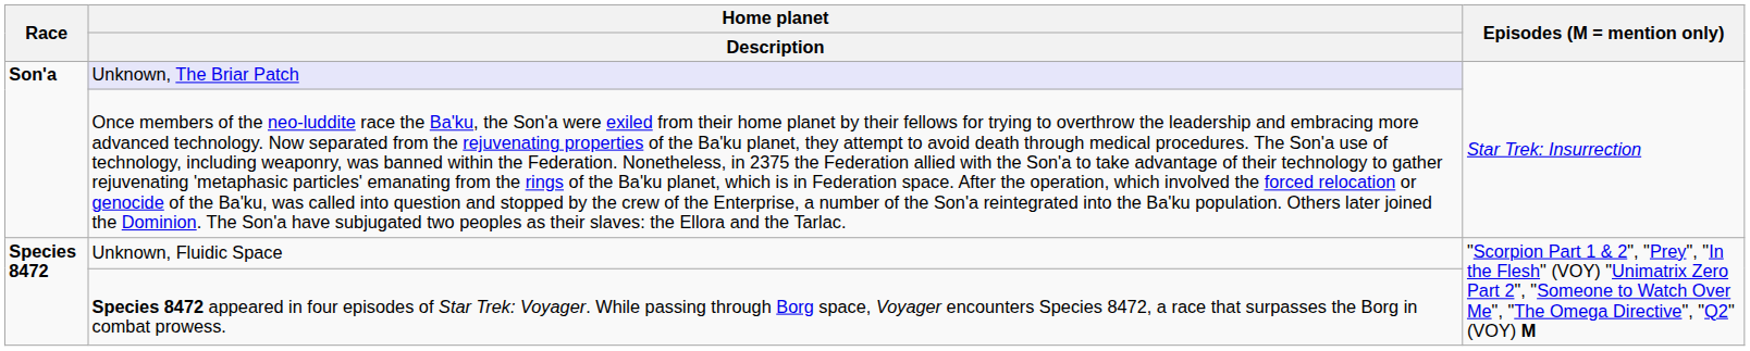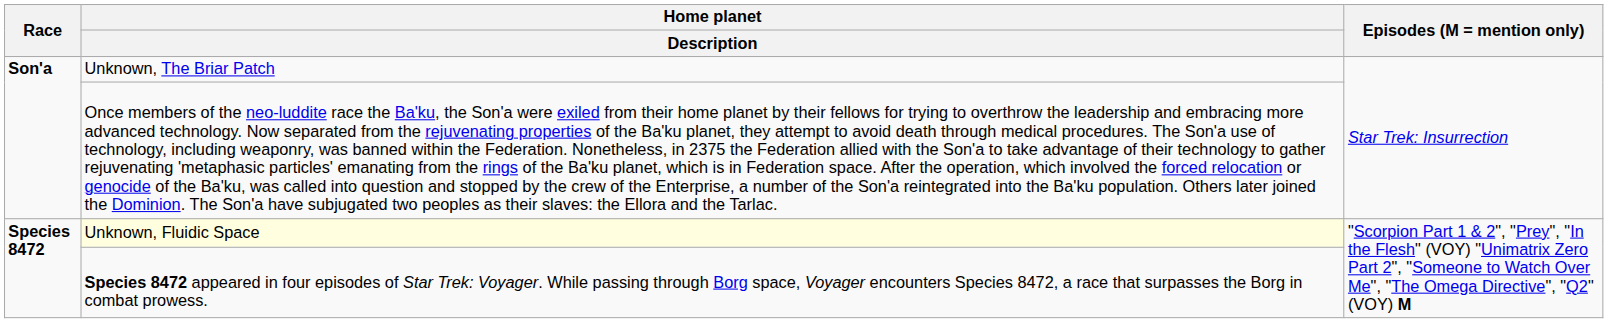 <table class="wikitable">
 <tr>
 <th rowspan="2">Race</th>
 <th>Home planet</th>
 <th rowspan="2">Episodes (M = mention only)</th>
 </tr>
 <tr>
 <th>Description</th>
 </tr>
 <tr>
 <td rowspan="2" style="vertical-align: top;"><strong>Son'a</strong> </td>
-<td style="background: lavender;">Unknown, <a href='#'>The Briar Patch</a></td>
+<td>Unknown, <a href='#'>The Briar Patch</a></td>
 <td rowspan="2"><em><a href='#'>Star Trek: Insurrection</a></em></td>
 </tr>
 <tr>
 <td><br>Once members of the <a href='#'>neo-luddite</a> race the <a href='#'>Ba'ku</a>, the Son'a were <a href='#'>exiled</a> from their home planet by their fellows for trying to overthrow the leadership and embracing more advanced technology. Now separated from the <a href='#'>rejuvenating properties</a> of the Ba'ku planet, they attempt to avoid death through medical procedures. The Son'a use of technology, including weaponry, was banned within the Federation. Nonetheless, in 2375 the Federation allied with the Son'a to take advantage of their technology to gather rejuvenating 'metaphasic particles' emanating from the <a href='#'>rings</a> of the Ba'ku planet, which is in Federation space. After the operation, which involved the <a href='#'>forced relocation</a> or <a href='#'>genocide</a> of the Ba'ku, was called into question and stopped by the crew of the Enterprise, a number of the Son'a reintegrated into the Ba'ku population. Others later joined the <a href='#'>Dominion</a>. The Son'a have subjugated two peoples as their slaves: the Ellora and the Tarlac.</td>
 </tr>
 <tr>
 <td rowspan="2" style="vertical-align: top;"><strong>Species 8472</strong> </td>
-<td>Unknown, Fluidic Space</td>
+<td style="background: lightyellow;">Unknown, Fluidic Space</td>
 <td rowspan="2">"<a href='#'>Scorpion Part 1 & 2</a>", "<a href='#'>Prey</a>", "<a href='#'>In the Flesh</a>" (VOY) "<a href='#'>Unimatrix Zero Part 2</a>", "<a href='#'>Someone to Watch Over Me</a>", "<a href='#'>The Omega Directive</a>", "<a href='#'>Q2</a>" (VOY) <strong>M</strong></td>
 </tr>
 <tr>
 <td><br><strong>Species 8472</strong> appeared in four episodes of <em>Star Trek: Voyager</em>. While passing through <a href='#'>Borg</a> space, <em>Voyager</em> encounters Species 8472, a race that surpasses the Borg in combat prowess.</td>
 </tr>
 </table>
